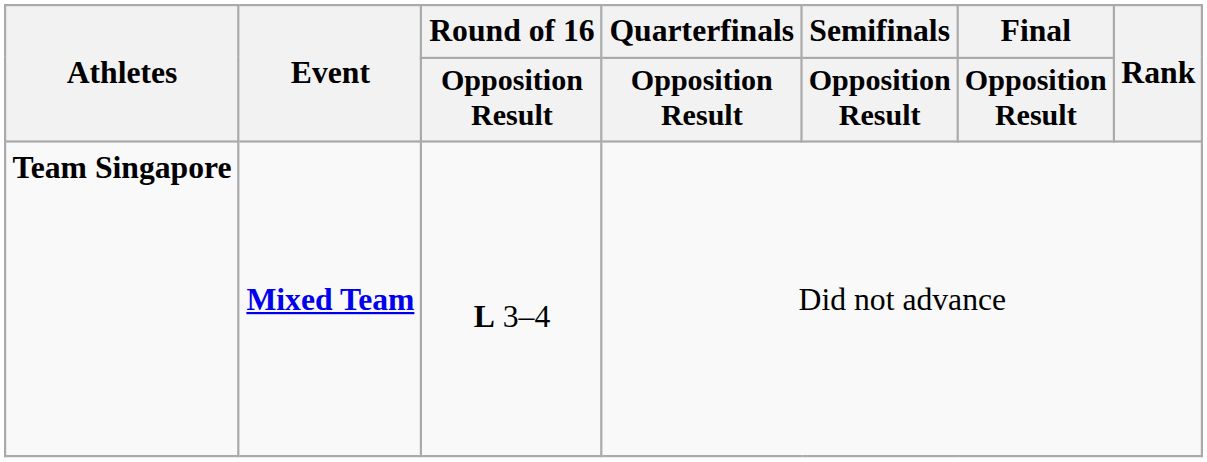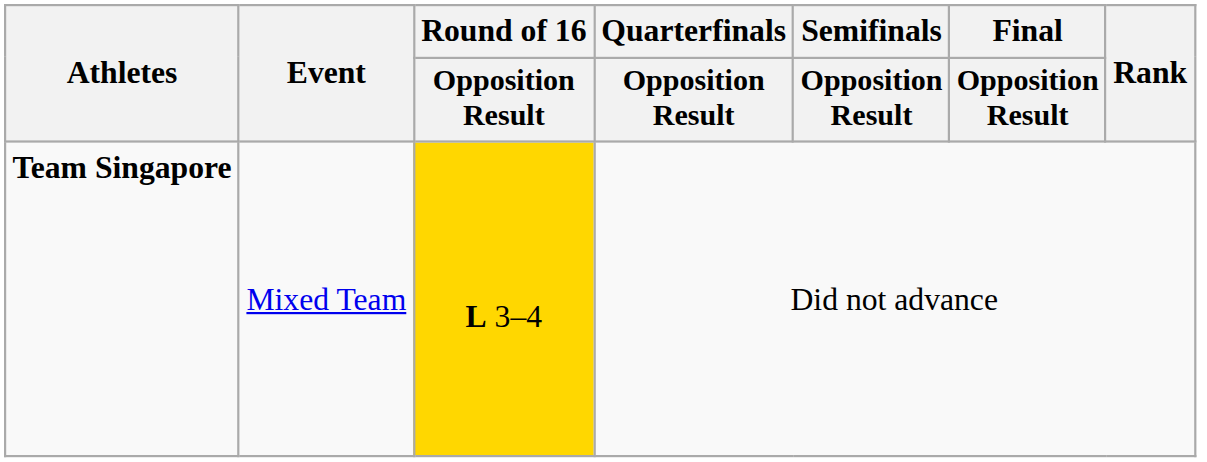 <table class="wikitable" style="font-size:90%">
 <tr>
 <th rowspan="2">Athletes</th>
 <th rowspan="2">Event</th>
 <th>Round of 16</th>
 <th>Quarterfinals</th>
 <th>Semifinals</th>
 <th>Final</th>
 <th rowspan=2>Rank</th>
 </tr>
 <tr style="font-size:95%">
 <th>Opposition<br>Result</th>
 <th>Opposition<br>Result</th>
 <th>Opposition<br>Result</th>
 <th>Opposition<br>Result</th>
 </tr>
 <tr align=center>
 <td align=left><strong>Team Singapore</strong><br><br> <br><br><br><br><br><br></td>
-<td align=left><strong><a href='#'>Mixed Team</a></strong></td>
-<td><br><strong>L</strong> 3–4</td>
+<td align=left><a href='#'>Mixed Team</a></td>
+<td style="background: gold;"><br><strong>L</strong> 3–4</td>
 <td colspan=4>Did not advance</td>
 </tr>
 </table>
